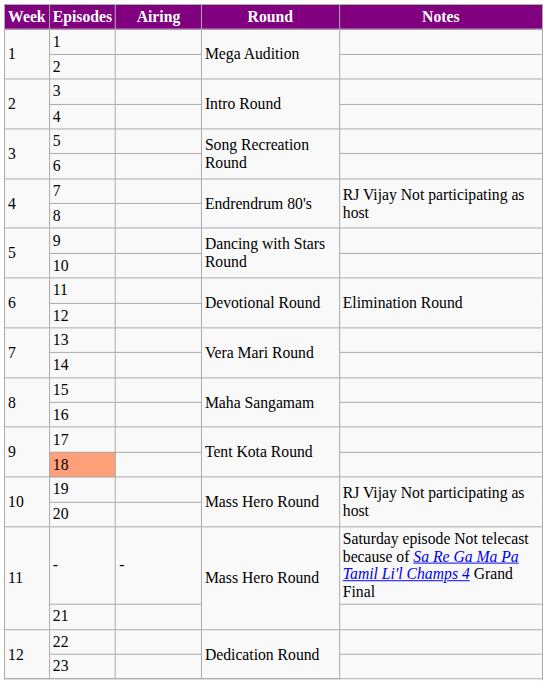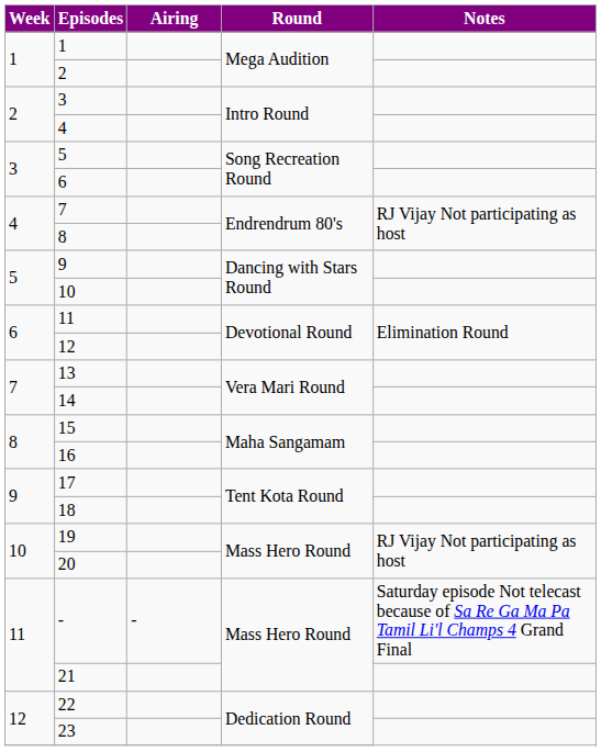 <table class="wikitable sortable">
 <tr>
 <th style="width:10pt; background:Purple;color:white">Week</th>
 <th style="width:10pt; background:Purple;color:white">Episodes</th>
 <th style="width:60pt; background:Purple;color:white">Airing</th>
 <th style="width:100pt; background:Purple;color:white">Round</th>
 <th style="width:150pt; background:Purple;color:white">Notes</th>
 </tr>
 <tr>
 <td rowspan="2">1</td>
 <td>1</td>
 <td></td>
 <td rowspan="2">Mega Audition</td>
 <td></td>
 </tr>
 <tr>
 <td>2</td>
 <td></td>
 <td></td>
 </tr>
 <tr>
 <td rowspan="2">2</td>
 <td>3</td>
 <td></td>
 <td rowspan="2">Intro Round</td>
 <td></td>
 </tr>
 <tr>
 <td>4</td>
 <td></td>
 <td></td>
 </tr>
 <tr>
 <td rowspan="2">3</td>
 <td>5</td>
 <td></td>
 <td rowspan="2">Song Recreation Round</td>
 <td></td>
 </tr>
 <tr>
 <td>6</td>
 <td></td>
 <td></td>
 </tr>
 <tr>
 <td rowspan="2">4</td>
 <td>7</td>
 <td></td>
 <td rowspan="2">Endrendrum 80's</td>
 <td rowspan="2">RJ Vijay Not participating as host</td>
 </tr>
 <tr>
 <td>8</td>
 <td></td>
 </tr>
 <tr>
 <td rowspan="2">5</td>
 <td>9</td>
 <td></td>
 <td rowspan="2">Dancing with Stars Round</td>
 <td></td>
 </tr>
 <tr>
 <td>10</td>
 <td></td>
 </tr>
 <tr>
 <td rowspan="2">6</td>
 <td>11</td>
 <td></td>
 <td rowspan="2">Devotional Round</td>
 <td rowspan="2">Elimination Round</td>
 </tr>
 <tr>
 <td>12</td>
 <td></td>
 </tr>
 <tr>
 <td rowspan="2">7</td>
 <td>13</td>
 <td></td>
 <td rowspan="2">Vera Mari Round</td>
 <td></td>
 </tr>
 <tr>
 <td>14</td>
 <td></td>
 </tr>
 <tr>
 <td rowspan="2">8</td>
 <td>15</td>
 <td></td>
 <td rowspan="2">Maha Sangamam</td>
 <td></td>
 </tr>
 <tr>
 <td>16</td>
 <td></td>
 </tr>
 <tr>
 <td rowspan="2">9</td>
 <td>17</td>
 <td></td>
 <td rowspan="2">Tent Kota Round</td>
 <td></td>
 </tr>
 <tr>
-<td style="background: lightsalmon;">18</td>
+<td>18</td>
 <td></td>
 </tr>
 <tr>
 <td rowspan="2">10</td>
 <td>19</td>
 <td></td>
 <td rowspan="2">Mass Hero Round</td>
 <td rowspan="2">RJ Vijay Not participating as host</td>
 </tr>
 <tr>
 <td>20</td>
 <td></td>
 </tr>
 <tr>
 <td rowspan="2">11</td>
 <td>-</td>
 <td>-</td>
 <td rowspan="2">Mass Hero Round</td>
 <td>Saturday episode Not telecast because of <em><a href='#'>Sa Re Ga Ma Pa Tamil Li'l Champs 4</a></em> Grand Final</td>
 </tr>
 <tr>
 <td>21</td>
 <td></td>
 </tr>
 <tr>
 <td rowspan="2">12</td>
 <td>22</td>
 <td></td>
 <td rowspan="2">Dedication Round</td>
 <td></td>
 </tr>
 <tr>
 <td>23</td>
 <td></td>
 </tr>
 <tr>
 </tr>
 </table>
